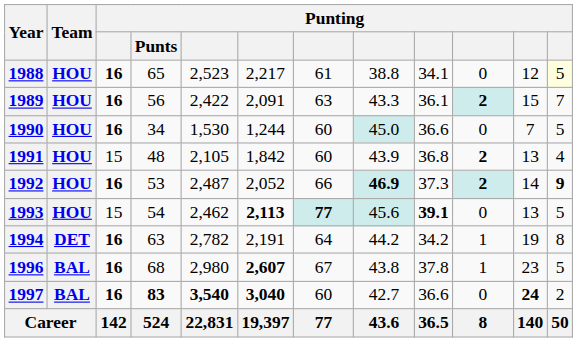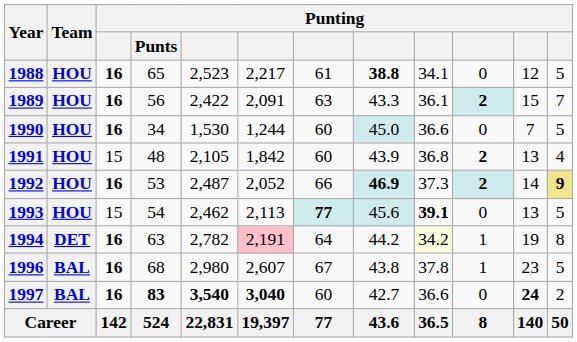 <table class=wikitable style="text-align:center;">
 <tr>
 <th rowspan="2">Year</th>
 <th rowspan="2">Team</th>
 <th colspan="10">Punting</th>
 </tr>
 <tr>
 <th></th>
 <th>Punts</th>
 <th></th>
 <th></th>
 <th></th>
 <th></th>
 <th></th>
 <th></th>
 <th></th>
 <th></th>
 </tr>
 <tr>
 <th><a href='#'>1988</a></th>
 <th><a href='#'>HOU</a></th>
 <td><strong>16</strong></td>
 <td>65</td>
 <td>2,523</td>
 <td>2,217</td>
 <td>61</td>
-<td>38.8</td>
+<td><strong>38.8</strong></td>
 <td>34.1</td>
 <td>0</td>
 <td>12</td>
-<td style="background: lightyellow;">5</td>
+<td>5</td>
 </tr>
 <tr>
 <th><a href='#'>1989</a></th>
 <th><a href='#'>HOU</a></th>
 <td><strong>16</strong></td>
 <td>56</td>
 <td>2,422</td>
 <td>2,091</td>
 <td>63</td>
 <td>43.3</td>
 <td>36.1</td>
 <td style="background:#cfecec; width:3em;"><strong>2</strong></td>
 <td>15</td>
 <td>7</td>
 </tr>
 <tr>
 <th><a href='#'>1990</a></th>
 <th><a href='#'>HOU</a></th>
 <td><strong>16</strong></td>
 <td>34</td>
 <td>1,530</td>
 <td>1,244</td>
 <td>60</td>
 <td style="background:#cfecec; width:3em;">45.0</td>
 <td>36.6</td>
 <td>0</td>
 <td>7</td>
 <td>5</td>
 </tr>
 <tr>
 <th><a href='#'>1991</a></th>
 <th><a href='#'>HOU</a></th>
 <td>15</td>
 <td>48</td>
 <td>2,105</td>
 <td>1,842</td>
 <td>60</td>
 <td>43.9</td>
 <td>36.8</td>
 <td><strong>2</strong></td>
 <td>13</td>
 <td>4</td>
 </tr>
 <tr>
 <th><a href='#'>1992</a></th>
 <th><a href='#'>HOU</a></th>
 <td><strong>16</strong></td>
 <td>53</td>
 <td>2,487</td>
 <td>2,052</td>
 <td>66</td>
 <td style="background:#cfecec; width:3em;"><strong>46.9</strong></td>
 <td>37.3</td>
 <td style="background:#cfecec; width:3em;"><strong>2</strong></td>
 <td>14</td>
-<td><strong>9</strong></td>
+<td style="background: khaki;"><strong>9</strong></td>
 </tr>
 <tr>
 <th><a href='#'>1993</a></th>
 <th><a href='#'>HOU</a></th>
 <td>15</td>
 <td>54</td>
 <td>2,462</td>
-<td><strong>2,113</strong></td>
+<td>2,113</td>
 <td style="background:#cfecec; width:3em;"><strong>77</strong></td>
 <td style="background:#cfecec; width:3em;">45.6</td>
 <td><strong>39.1</strong></td>
 <td>0</td>
 <td>13</td>
 <td>5</td>
 </tr>
 <tr>
 <th><a href='#'>1994</a></th>
 <th><a href='#'>DET</a></th>
 <td><strong>16</strong></td>
 <td>63</td>
 <td>2,782</td>
-<td>2,191</td>
+<td style="background: pink;">2,191</td>
 <td>64</td>
 <td>44.2</td>
-<td>34.2</td>
+<td style="background: lightyellow;">34.2</td>
 <td>1</td>
 <td>19</td>
 <td>8</td>
 </tr>
 <tr>
 <th><a href='#'>1996</a></th>
 <th><a href='#'>BAL</a></th>
 <td><strong>16</strong></td>
 <td>68</td>
 <td>2,980</td>
-<td><strong>2,607</strong></td>
+<td>2,607</td>
 <td>67</td>
 <td>43.8</td>
 <td>37.8</td>
 <td>1</td>
 <td>23</td>
 <td>5</td>
 </tr>
 <tr>
 <th><a href='#'>1997</a></th>
 <th><a href='#'>BAL</a></th>
 <td><strong>16</strong></td>
 <td><strong>83</strong></td>
 <td><strong>3,540</strong></td>
 <td><strong>3,040</strong></td>
 <td>60</td>
 <td>42.7</td>
 <td>36.6</td>
 <td>0</td>
 <td><strong>24</strong></td>
 <td>2</td>
 </tr>
 <tr>
 <th colspan="2">Career</th>
 <th>142</th>
 <th>524</th>
 <th>22,831</th>
 <th>19,397</th>
 <th>77</th>
 <th>43.6</th>
 <th>36.5</th>
 <th>8</th>
 <th>140</th>
 <th>50</th>
 </tr>
 </table>
